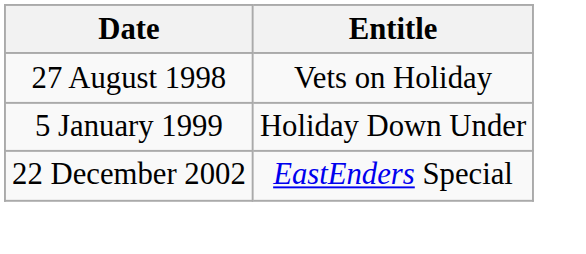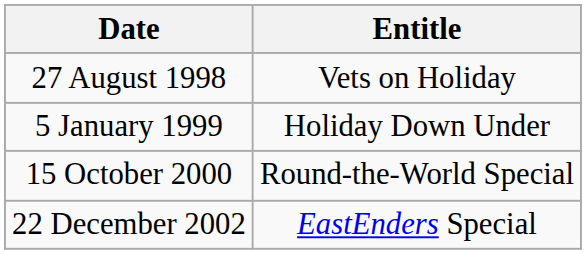 <table class="wikitable" style="text-align:center;">
 <tr>
 <th>Date</th>
 <th>Entitle</th>
 </tr>
 <tr>
 <td>27 August 1998</td>
 <td>Vets on Holiday</td>
 </tr>
 <tr>
 <td>5 January 1999</td>
 <td>Holiday Down Under</td>
 </tr>
 <tr>
+<td>15 October 2000</td>
+<td>Round-the-World Special</td>
+</tr>
+<tr>
 <td>22 December 2002</td>
 <td><em><a href='#'>EastEnders</a></em> Special</td>
 </tr>
 </table>
